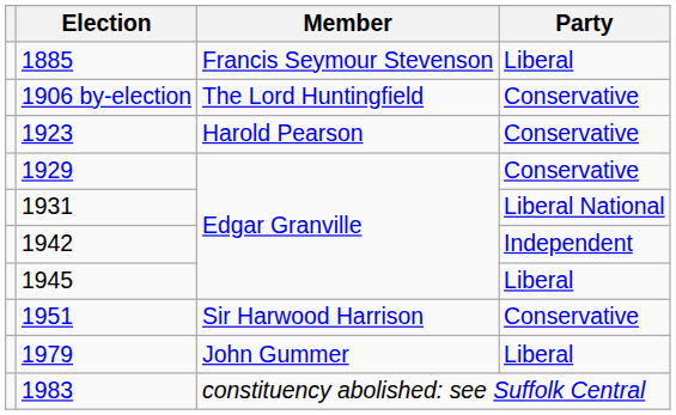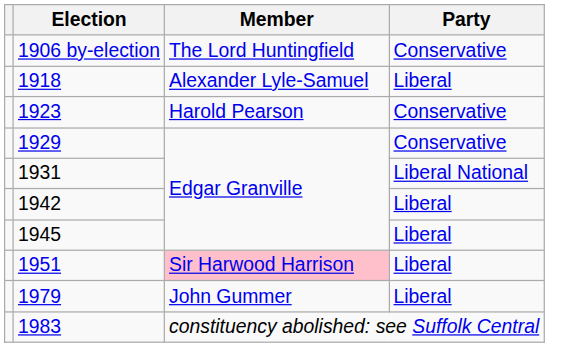 <table class="wikitable">
 <tr>
 <th></th>
 <th>Election</th>
 <th>Member </th>
 <th>Party</th>
 </tr>
 <tr>
 <td style="color:inherit;background-color: "></td>
-<td><a href='#'>1885</a></td>
-<td><a href='#'>Francis Seymour Stevenson</a></td>
-<td><a href='#'>Liberal</a></td>
+<td><a href='#'>1906 by-election</a></td>
+<td><a href='#'>The Lord Huntingfield</a></td>
+<td><a href='#'>Conservative</a></td>
 </tr>
 <tr>
 <td style="color:inherit;background-color: "></td>
-<td><a href='#'>1906 by-election</a></td>
-<td><a href='#'>The Lord Huntingfield</a></td>
-<td><a href='#'>Conservative</a></td>
+<td><a href='#'>1918</a></td>
+<td><a href='#'>Alexander Lyle-Samuel</a></td>
+<td><a href='#'>Liberal</a></td>
 </tr>
 <tr>
 <td style="color:inherit;background-color: "></td>
 <td><a href='#'>1923</a></td>
 <td><a href='#'>Harold Pearson</a></td>
 <td><a href='#'>Conservative</a></td>
 </tr>
 <tr>
 <td style="color:inherit;background-color: "></td>
 <td><a href='#'>1929</a></td>
 <td rowspan="4"><a href='#'>Edgar Granville</a></td>
 <td><a href='#'>Conservative</a></td>
 </tr>
 <tr>
 <td style="color:inherit;background-color: "></td>
 <td>1931</td>
 <td><a href='#'>Liberal National</a></td>
 </tr>
 <tr>
 <td style="color:inherit;background-color: "></td>
 <td>1942</td>
-<td><a href='#'>Independent</a></td>
+<td><a href='#'>Liberal</a></td>
 </tr>
 <tr>
 <td style="color:inherit;background-color: "></td>
 <td>1945</td>
 <td><a href='#'>Liberal</a></td>
 </tr>
 <tr>
 <td style="color:inherit;background-color: "></td>
 <td><a href='#'>1951</a></td>
-<td><a href='#'>Sir Harwood Harrison</a></td>
-<td><a href='#'>Conservative</a></td>
+<td style="background: pink;"><a href='#'>Sir Harwood Harrison</a></td>
+<td><a href='#'>Liberal</a></td>
 </tr>
 <tr>
 <td style="color:inherit;background-color: "></td>
 <td><a href='#'>1979</a></td>
 <td><a href='#'>John Gummer</a></td>
 <td><a href='#'>Liberal</a></td>
 </tr>
 <tr>
 <td></td>
 <td><a href='#'>1983</a></td>
 <td colspan="2"><em>constituency abolished: see <a href='#'>Suffolk Central</a></em></td>
 </tr>
 </table>
